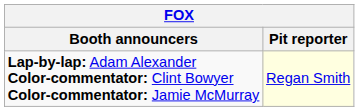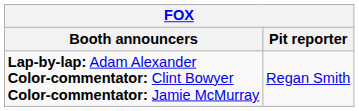 <table class="wikitable">
 <tr>
 <th colspan="2"><a href='#'>FOX</a></th>
 </tr>
 <tr>
 <th>Booth announcers</th>
 <th>Pit reporter</th>
 </tr>
 <tr>
 <td><strong>Lap-by-lap:</strong> <a href='#'>Adam Alexander</a><br><strong>Color-commentator:</strong> <a href='#'>Clint Bowyer</a><br><strong>Color-commentator:</strong> <a href='#'>Jamie McMurray</a></td>
-<td style="background: lightyellow;"><a href='#'>Regan Smith</a></td>
+<td><a href='#'>Regan Smith</a></td>
 </tr>
 </table>
